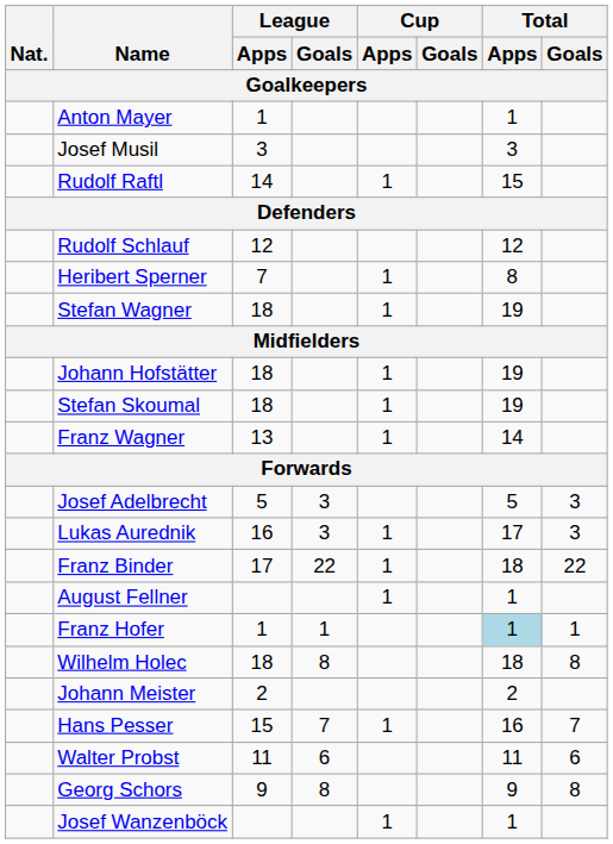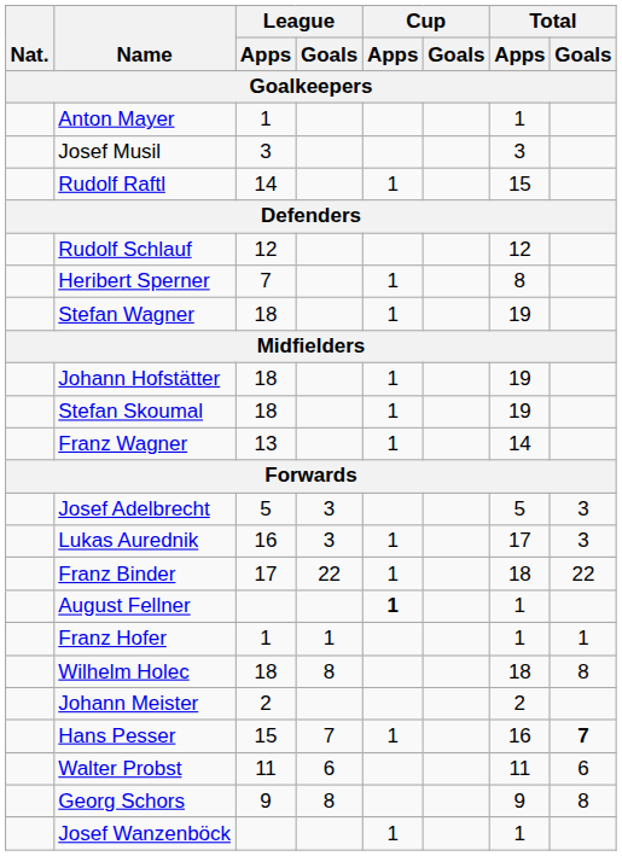 <table class="wikitable" style="text-align:center">
 <tr>
 <th rowspan="2" valign="bottom">Nat.</th>
 <th rowspan="2" valign="bottom">Name</th>
 <th colspan="2" width="85">League</th>
 <th colspan="2" width="85">Cup</th>
 <th colspan="2" width="85">Total</th>
 </tr>
 <tr>
 <th>Apps</th>
 <th>Goals</th>
 <th>Apps</th>
 <th>Goals</th>
 <th>Apps</th>
 <th>Goals</th>
 </tr>
 <tr>
 <th colspan=20>Goalkeepers</th>
 </tr>
 <tr>
 <td></td>
 <td align="left"><a href='#'>Anton Mayer</a></td>
 <td>1</td>
 <td></td>
 <td></td>
 <td></td>
 <td>1</td>
 <td></td>
 </tr>
 <tr>
 <td></td>
 <td align="left">Josef Musil</td>
 <td>3</td>
 <td></td>
 <td></td>
 <td></td>
 <td>3</td>
 <td></td>
 </tr>
 <tr>
 <td></td>
 <td align="left"><a href='#'>Rudolf Raftl</a></td>
 <td>14</td>
 <td></td>
 <td>1</td>
 <td></td>
 <td>15</td>
 <td></td>
 </tr>
 <tr>
 <th colspan=20>Defenders</th>
 </tr>
 <tr>
 <td></td>
 <td align="left"><a href='#'>Rudolf Schlauf</a></td>
 <td>12</td>
 <td></td>
 <td></td>
 <td></td>
 <td>12</td>
 <td></td>
 </tr>
 <tr>
 <td></td>
 <td align="left"><a href='#'>Heribert Sperner</a></td>
 <td>7</td>
 <td></td>
 <td>1</td>
 <td></td>
 <td>8</td>
 <td></td>
 </tr>
 <tr>
 <td></td>
 <td align="left"><a href='#'>Stefan Wagner</a></td>
 <td>18</td>
 <td></td>
 <td>1</td>
 <td></td>
 <td>19</td>
 <td></td>
 </tr>
 <tr>
 <th colspan=20>Midfielders</th>
 </tr>
 <tr>
 <td></td>
 <td align="left"><a href='#'>Johann Hofstätter</a></td>
 <td>18</td>
 <td></td>
 <td>1</td>
 <td></td>
 <td>19</td>
 <td></td>
 </tr>
 <tr>
 <td></td>
 <td align="left"><a href='#'>Stefan Skoumal</a></td>
 <td>18</td>
 <td></td>
 <td>1</td>
 <td></td>
 <td>19</td>
 <td></td>
 </tr>
 <tr>
 <td></td>
 <td align="left"><a href='#'>Franz Wagner</a></td>
 <td>13</td>
 <td></td>
 <td>1</td>
 <td></td>
 <td>14</td>
 <td></td>
 </tr>
 <tr>
 <th colspan=20>Forwards</th>
 </tr>
 <tr>
 <td></td>
 <td align="left"><a href='#'>Josef Adelbrecht</a></td>
 <td>5</td>
 <td>3</td>
 <td></td>
 <td></td>
 <td>5</td>
 <td>3</td>
 </tr>
 <tr>
 <td></td>
 <td align="left"><a href='#'>Lukas Aurednik</a></td>
 <td>16</td>
 <td>3</td>
 <td>1</td>
 <td></td>
 <td>17</td>
 <td>3</td>
 </tr>
 <tr>
 <td></td>
 <td align="left"><a href='#'>Franz Binder</a></td>
 <td>17</td>
 <td>22</td>
 <td>1</td>
 <td></td>
 <td>18</td>
 <td>22</td>
 </tr>
 <tr>
 <td></td>
 <td align="left"><a href='#'>August Fellner</a></td>
 <td></td>
 <td></td>
-<td>1</td>
+<td><strong>1</strong></td>
 <td></td>
 <td>1</td>
 <td></td>
 </tr>
 <tr>
 <td></td>
 <td align="left"><a href='#'>Franz Hofer</a></td>
 <td>1</td>
 <td>1</td>
 <td></td>
 <td></td>
-<td style="background: lightblue;">1</td>
+<td>1</td>
 <td>1</td>
 </tr>
 <tr>
 <td></td>
 <td align="left"><a href='#'>Wilhelm Holec</a></td>
 <td>18</td>
 <td>8</td>
 <td></td>
 <td></td>
 <td>18</td>
 <td>8</td>
 </tr>
 <tr>
 <td></td>
 <td align="left"><a href='#'>Johann Meister</a></td>
 <td>2</td>
 <td></td>
 <td></td>
 <td></td>
 <td>2</td>
 <td></td>
 </tr>
 <tr>
 <td></td>
 <td align="left"><a href='#'>Hans Pesser</a></td>
 <td>15</td>
 <td>7</td>
 <td>1</td>
 <td></td>
 <td>16</td>
-<td>7</td>
+<td><strong>7</strong></td>
 </tr>
 <tr>
 <td></td>
 <td align="left"><a href='#'>Walter Probst</a></td>
 <td>11</td>
 <td>6</td>
 <td></td>
 <td></td>
 <td>11</td>
 <td>6</td>
 </tr>
 <tr>
 <td></td>
 <td align="left"><a href='#'>Georg Schors</a></td>
 <td>9</td>
 <td>8</td>
 <td></td>
 <td></td>
 <td>9</td>
 <td>8</td>
 </tr>
 <tr>
 <td></td>
 <td align="left"><a href='#'>Josef Wanzenböck</a></td>
 <td></td>
 <td></td>
 <td>1</td>
 <td></td>
 <td>1</td>
 <td></td>
 </tr>
 </table>
